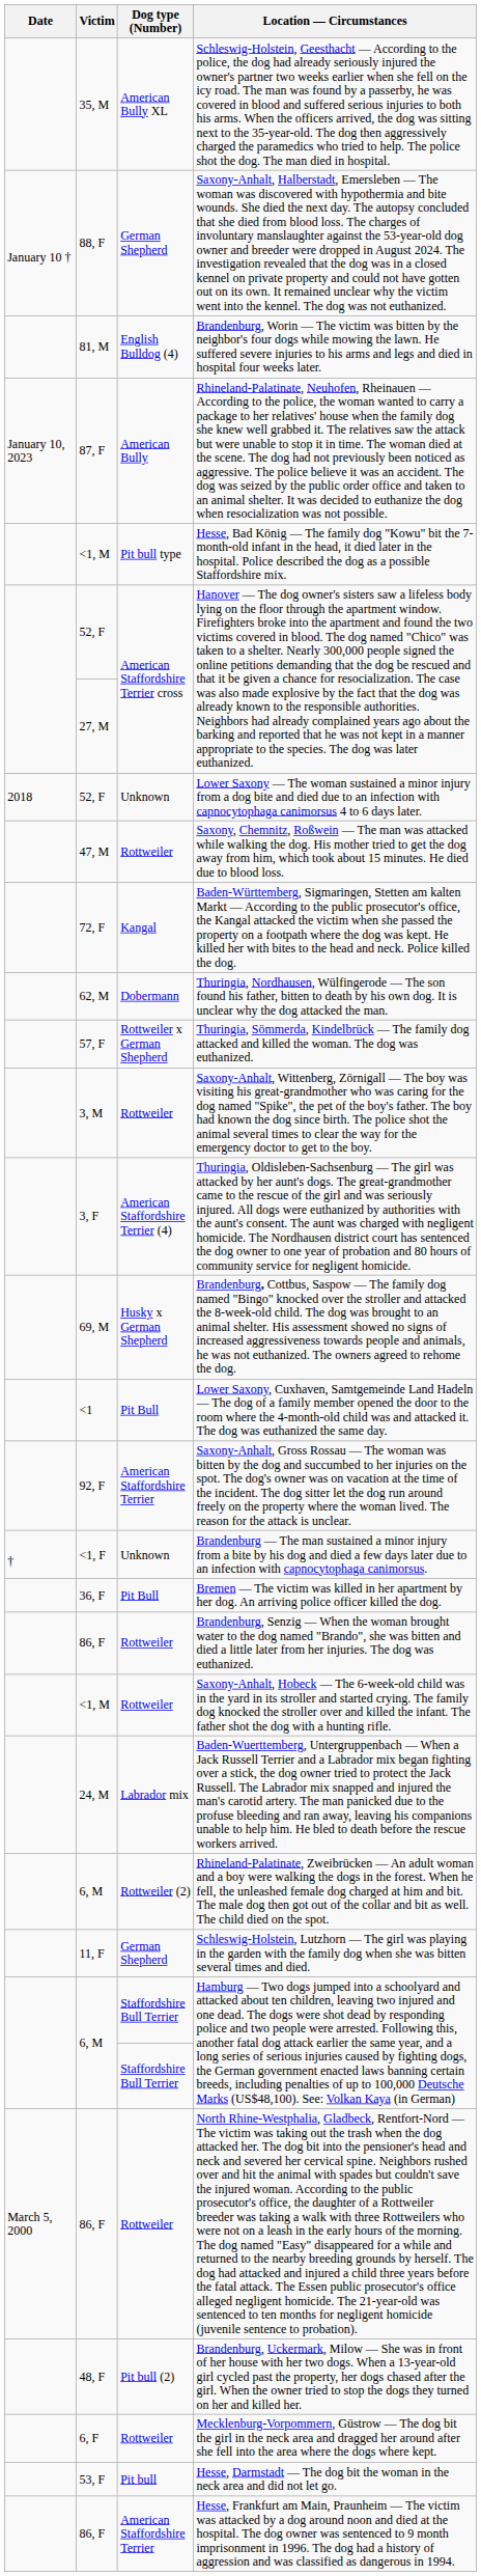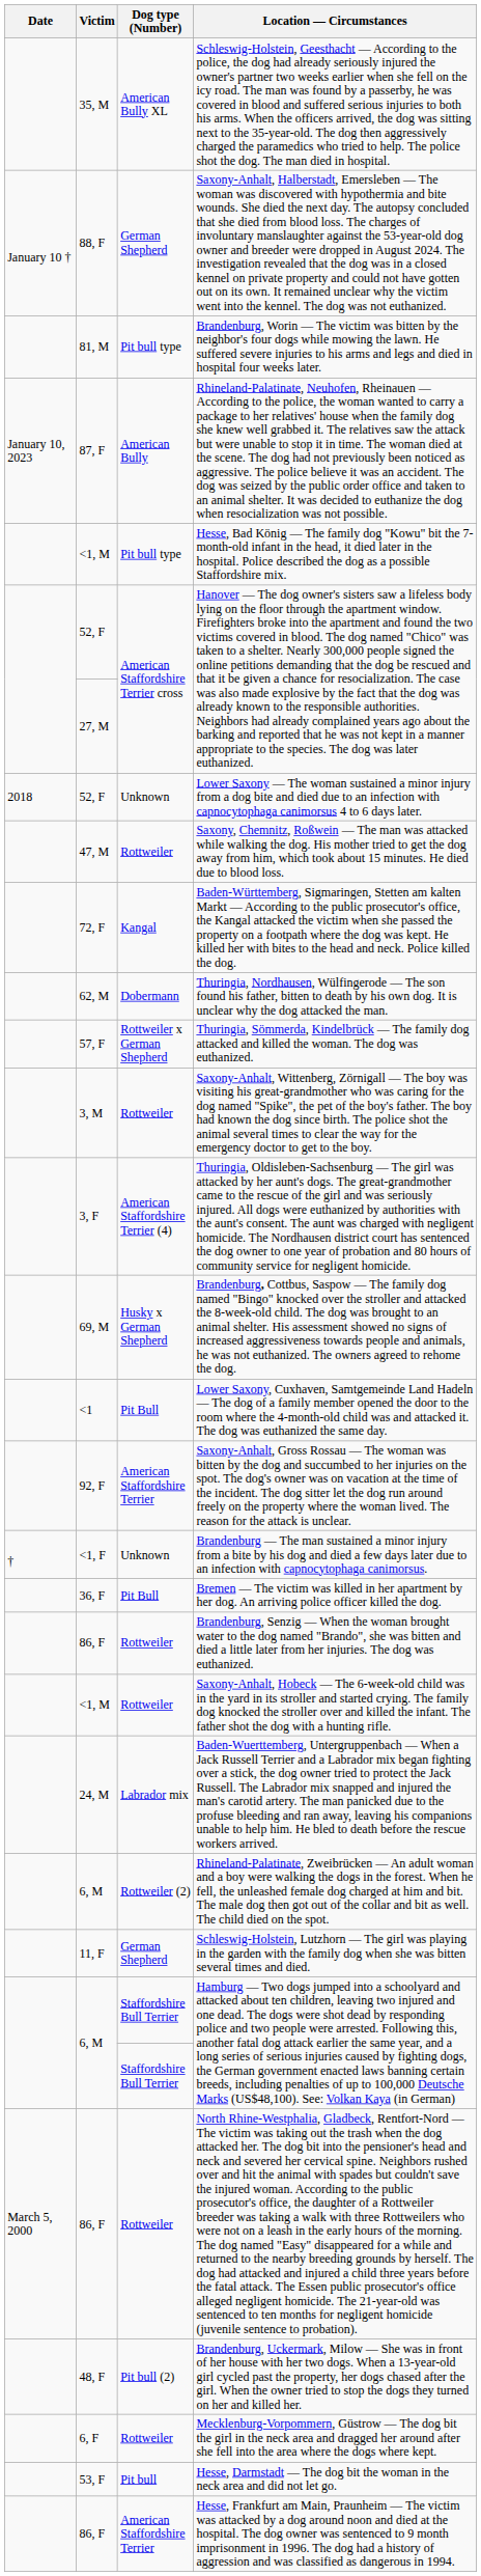 <table class="wikitable sortable">
 <tr>
 <th width="85">Date</th>
 <th>Victim</th>
 <th>Dog type (Number)</th>
 <th>Location — Circumstances</th>
 </tr>
 <tr>
 <td></td>
 <td>35, M</td>
 <td><a href='#'>American Bully</a> XL</td>
 <td><a href='#'>Schleswig-Holstein</a>, <a href='#'>Geesthacht</a> — According to the police, the dog had already seriously injured the owner's partner two weeks earlier when she fell on the icy road. The man was found by a passerby, he was covered in blood and suffered serious injuries to both his arms. When the officers arrived, the dog was sitting next to the 35-year-old. The dog then aggressively charged the paramedics who tried to help. The police shot the dog. The man died in hospital.</td>
 </tr>
 <tr>
 <td><br><br>January 10 †</td>
 <td>88, F</td>
 <td><a href='#'>German Shepherd</a></td>
 <td><a href='#'>Saxony-Anhalt</a>, <a href='#'>Halberstadt</a>, Emersleben — The woman was discovered with hypothermia and bite wounds. She died the next day. The autopsy concluded that she died from blood loss. The charges of involuntary manslaughter against the 53-year-old dog owner and breeder were dropped in August 2024. The investigation revealed that the dog was in a closed kennel on private property and could not have gotten out on its own. It remained unclear why the victim went into the kennel. The dog was not euthanized.</td>
 </tr>
 <tr>
 <td></td>
 <td>81, M</td>
-<td><a href='#'>English Bulldog</a> (4)</td>
+<td><a href='#'>Pit bull</a> type</td>
 <td><a href='#'>Brandenburg</a>, Worin — The victim was bitten by the neighbor's four dogs while mowing the lawn. He suffered severe injuries to his arms and legs and died in hospital four weeks later.</td>
 </tr>
 <tr>
 <td>January 10, 2023</td>
 <td>87, F</td>
 <td><a href='#'>American Bully</a></td>
 <td><a href='#'>Rhineland-Palatinate</a>, <a href='#'>Neuhofen</a>, Rheinauen — According to the police, the woman wanted to carry a package to her relatives' house when the family dog she knew well grabbed it. The relatives saw the attack but were unable to stop it in time. The woman died at the scene. The dog had not previously been noticed as aggressive. The police believe it was an accident. The dog was seized by the public order office and taken to an animal shelter. It was decided to euthanize the dog when resocialization was not possible.</td>
 </tr>
 <tr>
 <td></td>
 <td><1, M</td>
 <td><a href='#'>Pit bull</a> type</td>
 <td><a href='#'>Hesse</a>, Bad König — The family dog "Kowu" bit the 7-month-old infant in the head, it died later in the hospital. Police described the dog as a possible Staffordshire mix.</td>
 </tr>
 <tr>
 <td rowspan="2"></td>
 <td>52, F</td>
 <td rowspan="2"><a href='#'>American Staffordshire Terrier</a> cross</td>
 <td rowspan="2"><a href='#'>Hanover</a> — The dog owner's sisters saw a lifeless body lying on the floor through the apartment window. Firefighters broke into the apartment and found the two victims covered in blood. The dog named "Chico" was taken to a shelter. Nearly 300,000 people signed the online petitions demanding that the dog be rescued and that it be given a chance for resocialization. The case was also made explosive by the fact that the dog was already known to the responsible authorities. Neighbors had already complained years ago about the barking and reported that he was not kept in a manner appropriate to the species. The dog was later euthanized.</td>
 </tr>
 <tr>
 <td>27, M</td>
 </tr>
 <tr>
 <td>2018</td>
 <td>52, F</td>
 <td>Unknown</td>
 <td><a href='#'>Lower Saxony</a> — The woman sustained a minor injury from a dog bite and died due to an infection with <a href='#'>capnocytophaga canimorsus</a> 4 to 6 days later.</td>
 </tr>
 <tr>
 <td></td>
 <td>47, M</td>
 <td><a href='#'>Rottweiler</a></td>
 <td><a href='#'>Saxony</a>, <a href='#'>Chemnitz</a>, <a href='#'>Roßwein</a> — The man was attacked while walking the dog. His mother tried to get the dog away from him, which took about 15 minutes. He died due to blood loss.</td>
 </tr>
 <tr>
 <td></td>
 <td>72, F</td>
 <td><a href='#'>Kangal</a></td>
 <td><a href='#'>Baden-Württemberg</a>, Sigmaringen, Stetten am kalten Markt — According to the public prosecutor's office, the Kangal attacked the victim when she passed the property on a footpath where the dog was kept. He killed her with bites to the head and neck. Police killed the dog.</td>
 </tr>
 <tr>
 <td></td>
 <td>62, M</td>
 <td><a href='#'>Dobermann</a></td>
 <td><a href='#'>Thuringia</a>, <a href='#'>Nordhausen</a>, Wülfingerode — The son found his father, bitten to death by his own dog. It is unclear why the dog attacked the man.</td>
 </tr>
 <tr>
 <td></td>
 <td>57, F</td>
 <td><a href='#'>Rottweiler</a> x<br><a href='#'>German Shepherd</a></td>
 <td><a href='#'>Thuringia</a>, <a href='#'>Sömmerda</a>, <a href='#'>Kindelbrück</a> — The family dog attacked and killed the woman. The dog was euthanized.</td>
 </tr>
 <tr>
 <td></td>
 <td>3, M</td>
 <td><a href='#'>Rottweiler</a></td>
 <td><a href='#'>Saxony-Anhalt</a>, Wittenberg, Zörnigall — The boy was visiting his great-grandmother who was caring for the dog named "Spike", the pet of the boy's father. The boy had known the dog since birth. The police shot the animal several times to clear the way for the emergency doctor to get to the boy.</td>
 </tr>
 <tr>
 <td></td>
 <td>3, F</td>
 <td><a href='#'>American Staffordshire Terrier</a>  (4)</td>
 <td><a href='#'>Thuringia</a>, Oldisleben-Sachsenburg — The girl was attacked by her aunt's dogs. The great-grandmother came to the rescue of the girl and was seriously injured. All dogs were euthanized by authorities with the aunt's consent. The aunt was charged with negligent homicide. The Nordhausen district court has sentenced the dog owner to one year of probation and 80 hours of community service for negligent homicide.</td>
 </tr>
 <tr>
 <td></td>
 <td>69, M</td>
 <td><a href='#'>Husky</a> x <a href='#'>German Shepherd</a></td>
 <td><a href='#'>Brandenburg</a><strong>,</strong> Cottbus, Saspow — The family dog named "Bingo" knocked over the stroller and attacked the 8-week-old child. The dog was brought to an animal shelter. His assessment showed no signs of increased aggressiveness towards people and animals, he was not euthanized. The owners agreed to rehome the dog.</td>
 </tr>
 <tr>
 <td></td>
 <td><1</td>
 <td><a href='#'>Pit Bull</a></td>
 <td><a href='#'>Lower Saxony</a>, Cuxhaven, Samtgemeinde Land Hadeln — The dog of a family member opened the door to the room where the 4-month-old child was and attacked it. The dog was euthanized the same day.</td>
 </tr>
 <tr>
 <td></td>
 <td>92, F</td>
 <td><a href='#'>American Staffordshire Terrier</a></td>
 <td><a href='#'>Saxony-Anhalt</a>, Gross Rossau — The woman was bitten by the dog and succumbed to her injuries on the spot. The dog's owner was on vacation at the time of the incident. The dog sitter let the dog run around freely on the property where the woman lived. The reason for the attack is unclear.</td>
 </tr>
 <tr>
 <td><br> †</td>
 <td><1, F</td>
 <td>Unknown</td>
 <td><a href='#'>Brandenburg</a> — The man sustained a minor injury from a bite by his dog and died a few days later due to an infection with <a href='#'>capnocytophaga canimorsus</a>.</td>
 </tr>
 <tr>
 <td></td>
 <td>36, F</td>
 <td><a href='#'>Pit Bull</a></td>
 <td><a href='#'>Bremen</a> — The victim was killed in her apartment by her dog. An arriving police officer killed the dog.</td>
 </tr>
 <tr>
 <td></td>
 <td>86, F</td>
 <td><a href='#'>Rottweiler</a></td>
 <td><a href='#'>Brandenburg</a>, Senzig — When the woman brought water to the dog named "Brando", she was bitten and died a little later from her injuries. The dog was euthanized.</td>
 </tr>
 <tr>
 <td></td>
 <td><1, M</td>
 <td><a href='#'>Rottweiler</a></td>
 <td><a href='#'>Saxony-Anhalt</a>, <a href='#'>Hobeck</a> — The 6-week-old child was in the yard in its stroller and started crying. The family dog knocked the stroller over and killed the infant. The father shot the dog with a hunting rifle.</td>
 </tr>
 <tr>
 <td></td>
 <td>24, M</td>
 <td><a href='#'>Labrador</a> mix</td>
 <td><a href='#'>Baden-Wuerttemberg</a>, Untergruppenbach — When a Jack Russell Terrier and a Labrador mix began fighting over a stick, the dog owner tried to protect the Jack Russell. The Labrador mix snapped and injured the man's carotid artery. The man panicked due to the profuse bleeding and ran away, leaving his companions unable to help him. He bled to death before the rescue workers arrived.</td>
 </tr>
 <tr>
 <td></td>
 <td>6, M</td>
 <td><a href='#'>Rottweiler</a> (2)</td>
 <td><a href='#'>Rhineland-Palatinate</a>, Zweibrücken — An adult woman and a boy were walking the dogs in the forest. When he fell, the unleashed female dog charged at him and bit. The male dog then got out of the collar and bit as well. The child died on the spot.</td>
 </tr>
 <tr>
 <td></td>
 <td>11, F</td>
 <td><a href='#'>German Shepherd</a></td>
 <td><a href='#'>Schleswig-Holstein</a>, Lutzhorn — The girl was playing in the garden with the family dog when she was bitten several times and died.</td>
 </tr>
 <tr>
 <td rowspan="2"></td>
 <td rowspan="2">6, M</td>
 <td><a href='#'>Staffordshire Bull Terrier</a></td>
 <td rowspan="2"><a href='#'>Hamburg</a> — Two dogs jumped into a schoolyard and attacked about ten children, leaving two injured and one dead. The dogs were shot dead by responding police and two people were arrested. Following this, another fatal dog attack earlier the same year, and a long series of serious injuries caused by fighting dogs, the German government enacted laws banning certain breeds, including penalties of up to 100,000 <a href='#'>Deutsche Marks</a> (US$48,100). See: <a href='#'>Volkan Kaya</a> (in German)</td>
 </tr>
 <tr>
 <td><a href='#'>Staffordshire Bull Terrier</a></td>
 </tr>
 <tr>
 <td>March 5, 2000</td>
 <td>86, F</td>
 <td><a href='#'>Rottweiler</a></td>
 <td><a href='#'>North Rhine-Westphalia</a>, <a href='#'>Gladbeck</a>, Rentfort-Nord —The victim was taking out the trash when the dog attacked her. The dog bit into the pensioner's head and neck and severed her cervical spine. Neighbors rushed over and hit the animal with spades but couldn't save the injured woman. According to the public prosecutor's office, the daughter of a Rottweiler breeder was taking a walk with three Rottweilers who were not on a leash in the early hours of the morning. The dog named "Easy" disappeared for a while and returned to the nearby breeding grounds by herself. The dog had attacked and injured a child three years before the fatal attack. The Essen public prosecutor's office alleged negligent homicide. The 21-year-old was sentenced to ten months for negligent homicide (juvenile sentence to probation).</td>
 </tr>
 <tr>
 <td></td>
 <td>48, F</td>
 <td><a href='#'>Pit bull</a> (2)</td>
 <td><a href='#'>Brandenburg</a>, <a href='#'>Uckermark</a>, Milow — She was in front of her house with her two dogs. When a 13-year-old girl cycled past the property, her dogs chased after the girl. When the owner tried to stop the dogs they turned on her and killed her.</td>
 </tr>
 <tr>
 <td></td>
 <td>6, F</td>
 <td><a href='#'>Rottweiler</a></td>
 <td><a href='#'>Mecklenburg-Vorpommern</a>, Güstrow — The dog bit the girl in the neck area and dragged her around after she fell into the area where the dogs where kept.</td>
 </tr>
 <tr>
 <td></td>
 <td>53, F</td>
 <td><a href='#'>Pit bull</a></td>
 <td><a href='#'>Hesse</a>, <a href='#'>Darmstadt</a> — The dog bit the woman in the neck area and did not let go.</td>
 </tr>
 <tr>
 <td></td>
 <td>86, F</td>
 <td><a href='#'>American Staffordshire Terrier</a></td>
 <td><a href='#'>Hesse</a>, Frankfurt am Main, Praunheim — The victim was attacked by a dog around noon and died at the hospital. The dog owner was sentenced to 9 month imprisonment in 1996. The dog had a history of aggression and was classified as dangerous in 1994.</td>
 </tr>
 </table>
